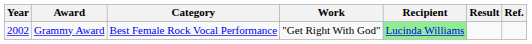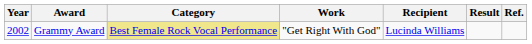 <table class="wikitable">
 <tr>
 <th>Year</th>
 <th>Award</th>
 <th>Category</th>
 <th>Work</th>
 <th>Recipient</th>
 <th>Result</th>
 <th>Ref.</th>
 </tr>
 <tr>
 <td align="left" rowspan="2"><a href='#'>2002</a></td>
 <td align="left" rowspan="2"><a href='#'>Grammy Award</a></td>
-<td><a href='#'>Best Female Rock Vocal Performance</a></td>
+<td style="background: khaki;"><a href='#'>Best Female Rock Vocal Performance</a></td>
 <td align="left" rowspan="2">"Get Right With God"</td>
-<td style="background: lightgreen;"><a href='#'>Lucinda Williams</a></td>
+<td><a href='#'>Lucinda Williams</a></td>
 <td></td>
 <td align="center"></td>
 </tr>
 </table>
